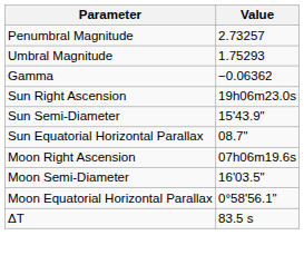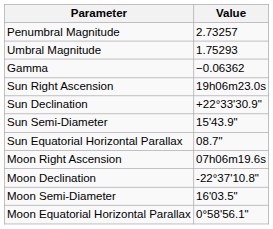 <table class="wikitable">
 <tr>
 <th>Parameter</th>
 <th>Value</th>
 </tr>
 <tr>
 <td>Penumbral Magnitude</td>
 <td>2.73257</td>
 </tr>
 <tr>
 <td>Umbral Magnitude</td>
 <td>1.75293</td>
 </tr>
 <tr>
 <td>Gamma</td>
 <td>−0.06362</td>
 </tr>
 <tr>
 <td>Sun Right Ascension</td>
 <td>19h06m23.0s</td>
 </tr>
 <tr>
+<td>Sun Declination</td>
+<td>+22°33'30.9"</td>
+</tr>
+<tr>
 <td>Sun Semi-Diameter</td>
 <td>15'43.9"</td>
 </tr>
 <tr>
 <td>Sun Equatorial Horizontal Parallax</td>
 <td>08.7"</td>
 </tr>
 <tr>
 <td>Moon Right Ascension</td>
 <td>07h06m19.6s</td>
 </tr>
 <tr>
+<td>Moon Declination</td>
+<td>-22°37'10.8"</td>
+</tr>
+<tr>
 <td>Moon Semi-Diameter</td>
 <td>16'03.5"</td>
 </tr>
 <tr>
 <td>Moon Equatorial Horizontal Parallax</td>
 <td>0°58'56.1"</td>
 </tr>
-<tr>
-<td>ΔT</td>
-<td>83.5 s</td>
-</tr>
 </table>
